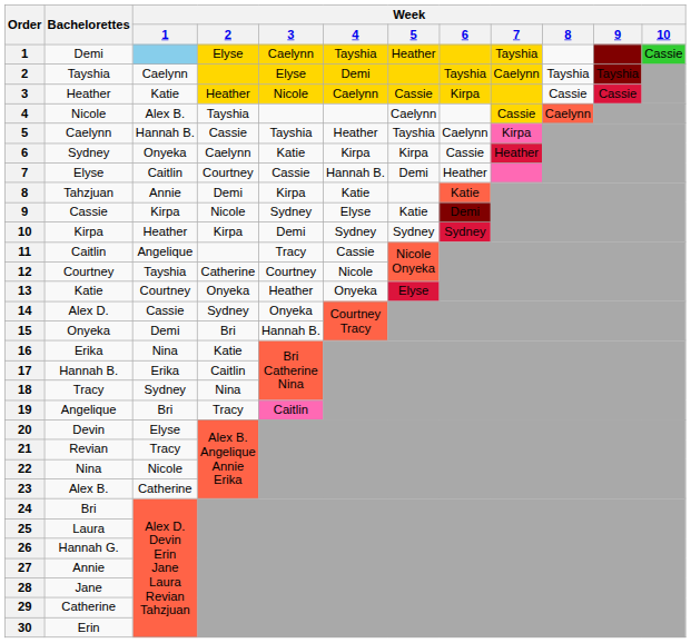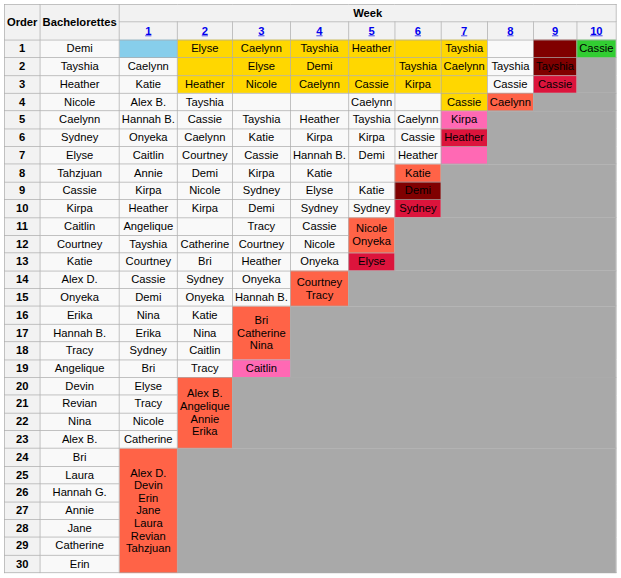 <table class="wikitable" style="text-align:center">
 <tr>
 <th rowspan=2>Order</th>
 <th rowspan="2">Bachelorettes</th>
 <th colspan="10”">Week</th>
 </tr>
 <tr>
 <th><a href='#'>1</a></th>
 <th><a href='#'>2</a></th>
 <th><a href='#'>3</a></th>
 <th><a href='#'>4</a></th>
 <th><a href='#'>5</a></th>
 <th><a href='#'>6</a></th>
 <th><a href='#'>7</a></th>
 <th><a href='#'>8</a></th>
 <th><a href='#'>9</a></th>
 <th><a href='#'>10</a></th>
 </tr>
 <tr>
 <th>1</th>
 <td>Demi</td>
 <td style="background:skyblue"></td>
 <td style="background:gold">Elyse</td>
 <td style="background:gold">Caelynn</td>
 <td style="background:gold">Tayshia</td>
 <td style="background:gold">Heather</td>
 <td style="background:gold"></td>
 <td style="background:gold">Tayshia</td>
 <td></td>
 <td bgcolor="maroon"><span></span></td>
 <td style="background:limegreen">Cassie</td>
 </tr>
 <tr>
 <th>2</th>
 <td>Tayshia</td>
 <td>Caelynn</td>
 <td style="background:gold"></td>
 <td style="background:gold">Elyse</td>
 <td style="background:gold">Demi</td>
 <td style="background:gold"></td>
 <td style="background:gold">Tayshia</td>
 <td style="background:gold">Caelynn</td>
 <td>Tayshia</td>
 <td bgcolor="maroon"><span>Tayshia</span></td>
 <td rowspan="2" style="background:darkgray"></td>
 </tr>
 <tr>
 <th>3</th>
 <td>Heather</td>
 <td>Katie</td>
 <td style="background:gold">Heather</td>
 <td style="background:gold">Nicole</td>
 <td style="background:gold">Caelynn</td>
 <td style="background:gold">Cassie</td>
 <td style="background:gold">Kirpa</td>
 <td style="background:gold"></td>
 <td>Cassie</td>
 <td style="background:crimson"><span>Cassie</span></td>
 </tr>
 <tr>
 <th>4</th>
 <td>Nicole</td>
 <td>Alex B.</td>
 <td>Tayshia</td>
 <td></td>
 <td></td>
 <td>Caelynn</td>
 <td></td>
 <td style="background:gold">Cassie</td>
 <td style="background:tomato">Caelynn</td>
 <td style="background:darkgray" colspan="2"></td>
 </tr>
 <tr>
 <th>5</th>
 <td>Caelynn</td>
 <td>Hannah B.</td>
 <td>Cassie</td>
 <td>Tayshia</td>
 <td>Heather</td>
 <td>Tayshia</td>
 <td>Caelynn</td>
 <td style="background:hotpink">Kirpa</td>
 <td rowspan="3" style="background:darkgray;" colspan="3"></td>
 </tr>
 <tr>
 <th>6</th>
 <td>Sydney</td>
 <td>Onyeka</td>
 <td>Caelynn</td>
 <td>Katie</td>
 <td>Kirpa</td>
 <td>Kirpa</td>
 <td>Cassie</td>
 <td style="background:crimson"><span>Heather</span></td>
 </tr>
 <tr>
 <th>7</th>
 <td>Elyse</td>
 <td>Caitlin</td>
 <td>Courtney</td>
 <td>Cassie</td>
 <td>Hannah B.</td>
 <td>Demi</td>
 <td>Heather</td>
 <td style="background:hotpink"></td>
 </tr>
 <tr>
 <th>8</th>
 <td>Tahzjuan</td>
 <td>Annie</td>
 <td>Demi</td>
 <td>Kirpa</td>
 <td>Katie</td>
 <td></td>
 <td style="background:tomato">Katie</td>
 <td rowspan="3" style="background:darkgray" colspan="4"></td>
 </tr>
 <tr>
 <th>9</th>
 <td>Cassie</td>
 <td>Kirpa</td>
 <td>Nicole</td>
 <td>Sydney</td>
 <td>Elyse</td>
 <td>Katie</td>
 <td bgcolor="maroon"><span>Demi</span></td>
 </tr>
 <tr>
 <th>10</th>
 <td>Kirpa</td>
 <td>Heather</td>
 <td>Kirpa</td>
 <td>Demi</td>
 <td>Sydney</td>
 <td>Sydney</td>
 <td style="background:crimson"><span>Sydney</span></td>
 </tr>
 <tr>
 <th>11</th>
 <td>Caitlin</td>
 <td>Angelique</td>
 <td></td>
 <td>Tracy</td>
 <td>Cassie</td>
 <td rowspan="2" style="background:tomato">Nicole<br>Onyeka</td>
 <td rowspan="3" colspan="5" style="background:darkgray"></td>
 </tr>
 <tr>
 <th>12</th>
 <td>Courtney</td>
 <td>Tayshia</td>
 <td>Catherine</td>
 <td>Courtney</td>
 <td>Nicole</td>
 </tr>
 <tr>
 <th>13</th>
 <td>Katie</td>
 <td>Courtney</td>
-<td>Onyeka</td>
+<td>Bri</td>
 <td>Heather</td>
 <td>Onyeka</td>
 <td style="background:crimson"><span>Elyse</span></td>
 </tr>
 <tr>
 <th>14</th>
 <td>Alex D.</td>
 <td>Cassie</td>
 <td>Sydney</td>
 <td>Onyeka</td>
 <td rowspan="2" style="background:tomato">Courtney<br>Tracy</td>
 <td rowspan="2" colspan="6" style="background:darkgray"></td>
 </tr>
 <tr>
 <th>15</th>
 <td>Onyeka</td>
 <td>Demi</td>
-<td>Bri</td>
+<td>Onyeka</td>
 <td>Hannah B.</td>
 </tr>
 <tr>
 <th>16</th>
 <td>Erika</td>
 <td>Nina</td>
 <td>Katie</td>
 <td rowspan="3" style="background:tomato">Bri<br>Catherine<br>Nina</td>
 <td rowspan="4"colspan="7" style="background:darkgray"></td>
 </tr>
 <tr>
 <th>17</th>
 <td>Hannah B.</td>
 <td>Erika</td>
-<td>Caitlin</td>
+<td>Nina</td>
 </tr>
 <tr>
 <th>18</th>
 <td>Tracy</td>
 <td>Sydney</td>
-<td>Nina</td>
+<td>Caitlin</td>
 </tr>
 <tr>
 <th>19</th>
 <td>Angelique</td>
 <td>Bri</td>
 <td>Tracy</td>
 <td style="background:hotpink">Caitlin</td>
 </tr>
 <tr>
 <th>20</th>
 <td>Devin</td>
 <td>Elyse</td>
 <td rowspan="4" style="background:tomato">Alex B.<br>Angelique<br>Annie<br>Erika</td>
 <td rowspan="4" colspan="8"style="background:darkgray"></td>
 </tr>
 <tr>
 <th>21</th>
 <td>Revian</td>
 <td>Tracy</td>
 </tr>
 <tr>
 <th>22</th>
 <td>Nina</td>
 <td>Nicole</td>
 </tr>
 <tr>
 <th>23</th>
 <td>Alex B.</td>
 <td>Catherine</td>
 </tr>
 <tr>
 <th>24</th>
 <td>Bri</td>
 <td rowspan="7" style="background:tomato">Alex D.<br>Devin<br>Erin<br>Jane<br>Laura<br>Revian<br>Tahzjuan</td>
 <td rowspan="7" colspan="9" style="background:darkgray"></td>
 </tr>
 <tr>
 <th>25</th>
 <td>Laura</td>
 </tr>
 <tr>
 <th>26</th>
 <td>Hannah G.</td>
 </tr>
 <tr>
 <th>27</th>
 <td>Annie</td>
 </tr>
 <tr>
 <th>28</th>
 <td>Jane</td>
 </tr>
 <tr>
 <th>29</th>
 <td>Catherine</td>
 </tr>
 <tr>
 <th>30</th>
 <td>Erin</td>
 </tr>
 </table>
